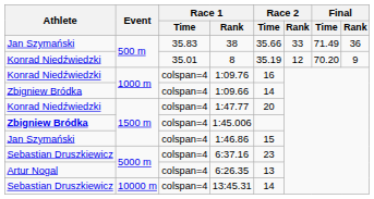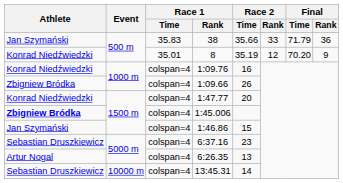 <table class="wikitable" style="font-size:90%">
 <tr>
 <th rowspan=2>Athlete</th>
 <th rowspan=2>Event</th>
 <th colspan=2>Race 1</th>
 <th colspan=2>Race 2</th>
 <th colspan=2>Final</th>
 </tr>
 <tr style="font-size:95%">
 <th>Time</th>
 <th>Rank</th>
 <th>Time</th>
 <th>Rank</th>
 <th>Time</th>
 <th>Rank</th>
 </tr>
 <tr align=center>
 <td align=left><a href='#'>Jan Szymański</a></td>
 <td align=left rowspan=2><a href='#'>500 m</a></td>
 <td>35.83</td>
 <td>38</td>
 <td>35.66</td>
 <td>33</td>
-<td>71.49</td>
+<td>71.79</td>
 <td>36</td>
 </tr>
 <tr align=center>
 <td align=left><a href='#'>Konrad Niedźwiedzki</a></td>
 <td>35.01</td>
 <td>8</td>
 <td>35.19</td>
 <td>12</td>
 <td>70.20</td>
 <td>9</td>
 </tr>
 <tr align=center>
 <td align=left><a href='#'>Konrad Niedźwiedzki</a></td>
 <td align=left rowspan=2><a href='#'>1000 m</a></td>
 <td>colspan=4 </td>
 <td>1:09.76</td>
 <td>16</td>
 </tr>
 <tr align=center>
 <td align=left><a href='#'>Zbigniew Bródka</a></td>
 <td>colspan=4 </td>
 <td>1:09.66</td>
-<td>14</td>
+<td>26</td>
 </tr>
 <tr align=center>
 <td align=left><a href='#'>Konrad Niedźwiedzki</a></td>
 <td align=left rowspan=3><a href='#'>1500 m</a></td>
 <td>colspan=4 </td>
 <td>1:47.77</td>
 <td>20</td>
 </tr>
 <tr align=center>
 <td align=left><strong><a href='#'>Zbigniew Bródka</a></strong></td>
 <td>colspan=4 </td>
 <td>1:45.006</td>
 <td></td>
 </tr>
 <tr align=center>
 <td align=left><a href='#'>Jan Szymański</a></td>
 <td>colspan=4 </td>
 <td>1:46.86</td>
 <td>15</td>
 </tr>
 <tr align=center>
 <td align=left><a href='#'>Sebastian Druszkiewicz</a></td>
 <td align=left rowspan=2><a href='#'>5000 m</a></td>
 <td>colspan=4 </td>
 <td>6:37.16</td>
 <td>23</td>
 </tr>
 <tr align=center>
 <td align=left><a href='#'>Artur Nogal</a></td>
 <td>colspan=4 </td>
 <td>6:26.35</td>
 <td>13</td>
 </tr>
 <tr align=center>
 <td align=left><a href='#'>Sebastian Druszkiewicz</a></td>
 <td align=left><a href='#'>10000 m</a></td>
 <td>colspan=4 </td>
 <td>13:45.31</td>
 <td>14</td>
 </tr>
 </table>
